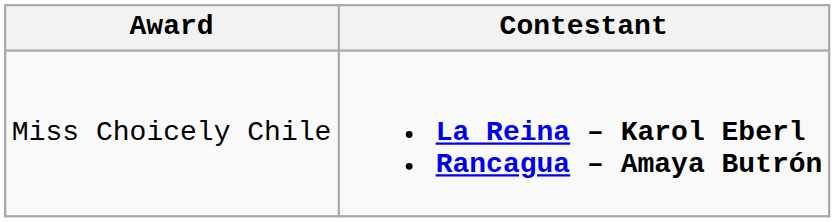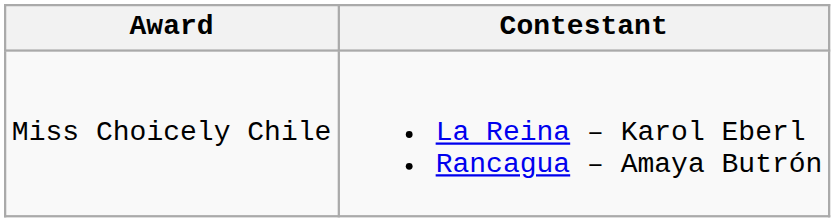 <table class="wikitable sortable" style="font-size: 95%;">
 <tr>
 <th>Award</th>
 <th>Contestant</th>
 </tr>
 <tr>
 <td>Miss Choicely Chile</td>
-<td><strong><br><ul><li><a href='#'>La Reina</a> – Karol Eberl</li><li><a href='#'>Rancagua</a> – Amaya Butrón</li></ul></strong></td>
+<td><br><ul><li><a href='#'>La Reina</a> – Karol Eberl</li><li><a href='#'>Rancagua</a> – Amaya Butrón</li></ul></td>
 </tr>
 </table>
